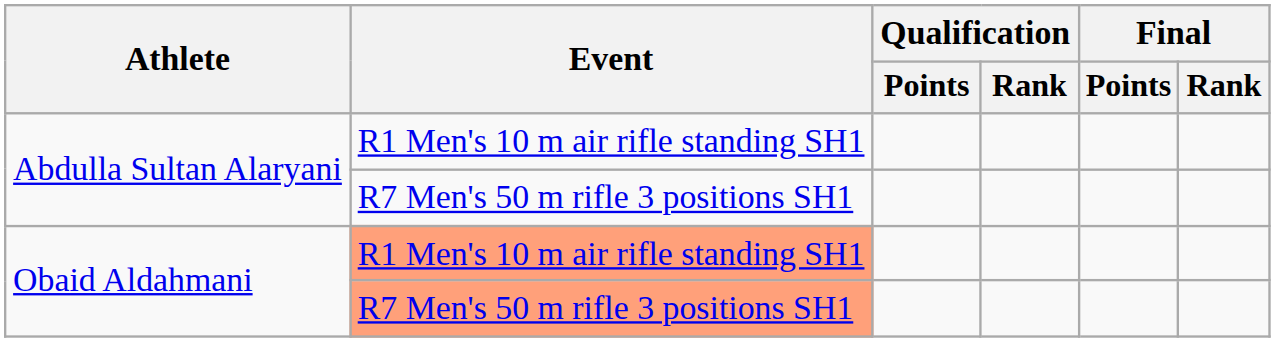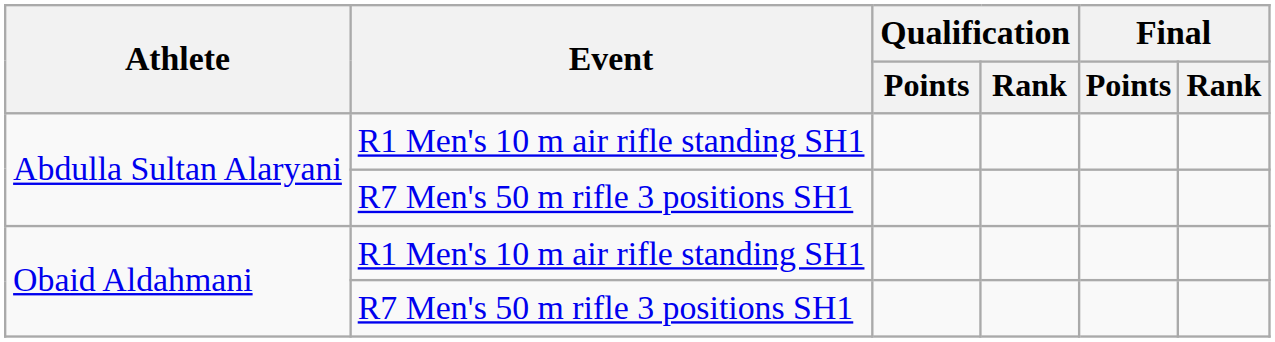 <table class="wikitable" style="font-size:90%">
 <tr>
 <th rowspan="2">Athlete</th>
 <th rowspan="2">Event</th>
 <th colspan="2">Qualification</th>
 <th colspan="2">Final</th>
 </tr>
 <tr style="font-size:95%">
 <th>Points</th>
 <th>Rank</th>
 <th>Points</th>
 <th>Rank</th>
 </tr>
 <tr align=center>
 <td align=left rowspan=2><a href='#'>Abdulla Sultan Alaryani</a></td>
 <td align=left><a href='#'>R1 Men's 10 m air rifle standing SH1</a></td>
 <td></td>
 <td></td>
 <td></td>
 <td></td>
 </tr>
 <tr align=center>
 <td align=left><a href='#'>R7 Men's 50 m rifle 3 positions SH1</a></td>
 <td></td>
 <td></td>
 <td></td>
 <td></td>
 </tr>
 <tr align=center>
 <td align=left rowspan=2><a href='#'>Obaid Aldahmani</a></td>
-<td align=left style="background: lightsalmon;"><a href='#'>R1 Men's 10 m air rifle standing SH1</a></td>
+<td align=left><a href='#'>R1 Men's 10 m air rifle standing SH1</a></td>
 <td></td>
 <td></td>
 <td></td>
 <td></td>
 </tr>
 <tr align=center>
-<td align=left style="background: lightsalmon;"><a href='#'>R7 Men's 50 m rifle 3 positions SH1</a></td>
+<td align=left><a href='#'>R7 Men's 50 m rifle 3 positions SH1</a></td>
 <td></td>
 <td></td>
 <td></td>
 <td></td>
 </tr>
 </table>
